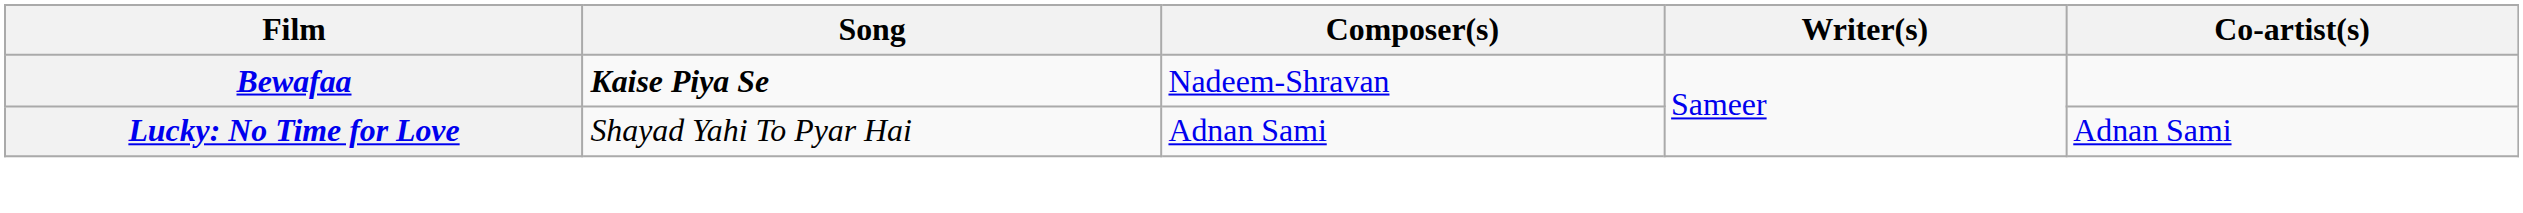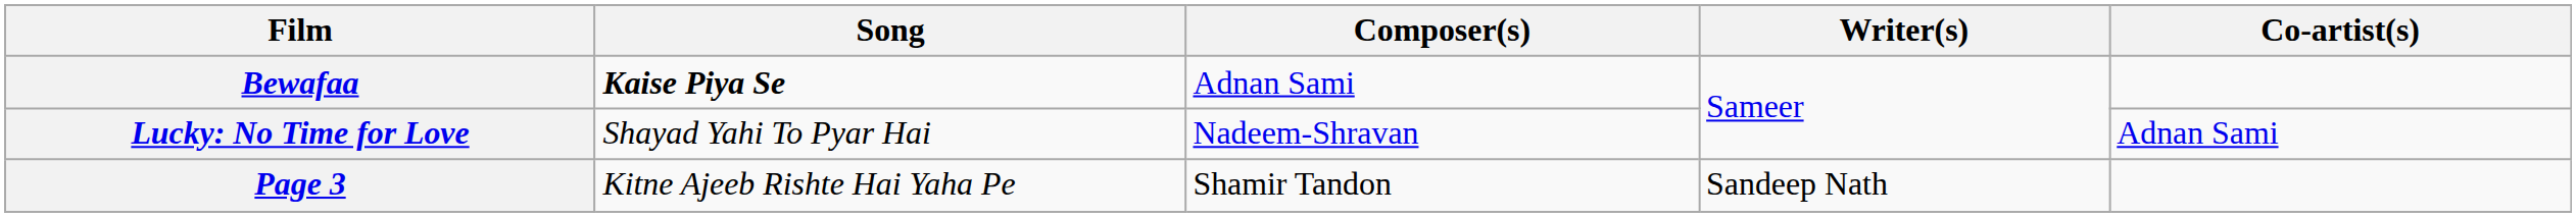 <table class="wikitable plainrowheaders" style="width:100%; textcolor:#000">
 <tr style="background:#b0e0e66;">
 <th scope="col" style="width:23%;"><strong>Film</strong></th>
 <th scope="col" style="width:23%;"><strong>Song</strong></th>
 <th scope="col" style="width:20%;"><strong>Composer(s)</strong></th>
 <th scope="col" style="width:16%;"><strong>Writer(s)</strong></th>
 <th scope="col" style="width:18%;"><strong>Co-artist(s)</strong></th>
 </tr>
 <tr>
 <th><em><a href='#'>Bewafaa</a></em></th>
 <td><strong><em>Kaise Piya Se</em></strong></td>
-<td><a href='#'>Nadeem-Shravan</a></td>
+<td><a href='#'>Adnan Sami</a></td>
 <td rowspan=2><a href='#'>Sameer</a></td>
 <td></td>
 </tr>
 <tr>
 <th><em><a href='#'>Lucky: No Time for Love</a></em></th>
 <td><em>Shayad Yahi To Pyar Hai</em></td>
-<td><a href='#'>Adnan Sami</a></td>
+<td><a href='#'>Nadeem-Shravan</a></td>
 <td><a href='#'>Adnan Sami</a></td>
 </tr>
+<tr>
+<th><em><a href='#'>Page 3</a></em></th>
+<td><em>Kitne Ajeeb Rishte Hai Yaha Pe</em></td>
+<td>Shamir Tandon</td>
+<td>Sandeep Nath</td>
+<td></td>
+</tr>
 </table>
